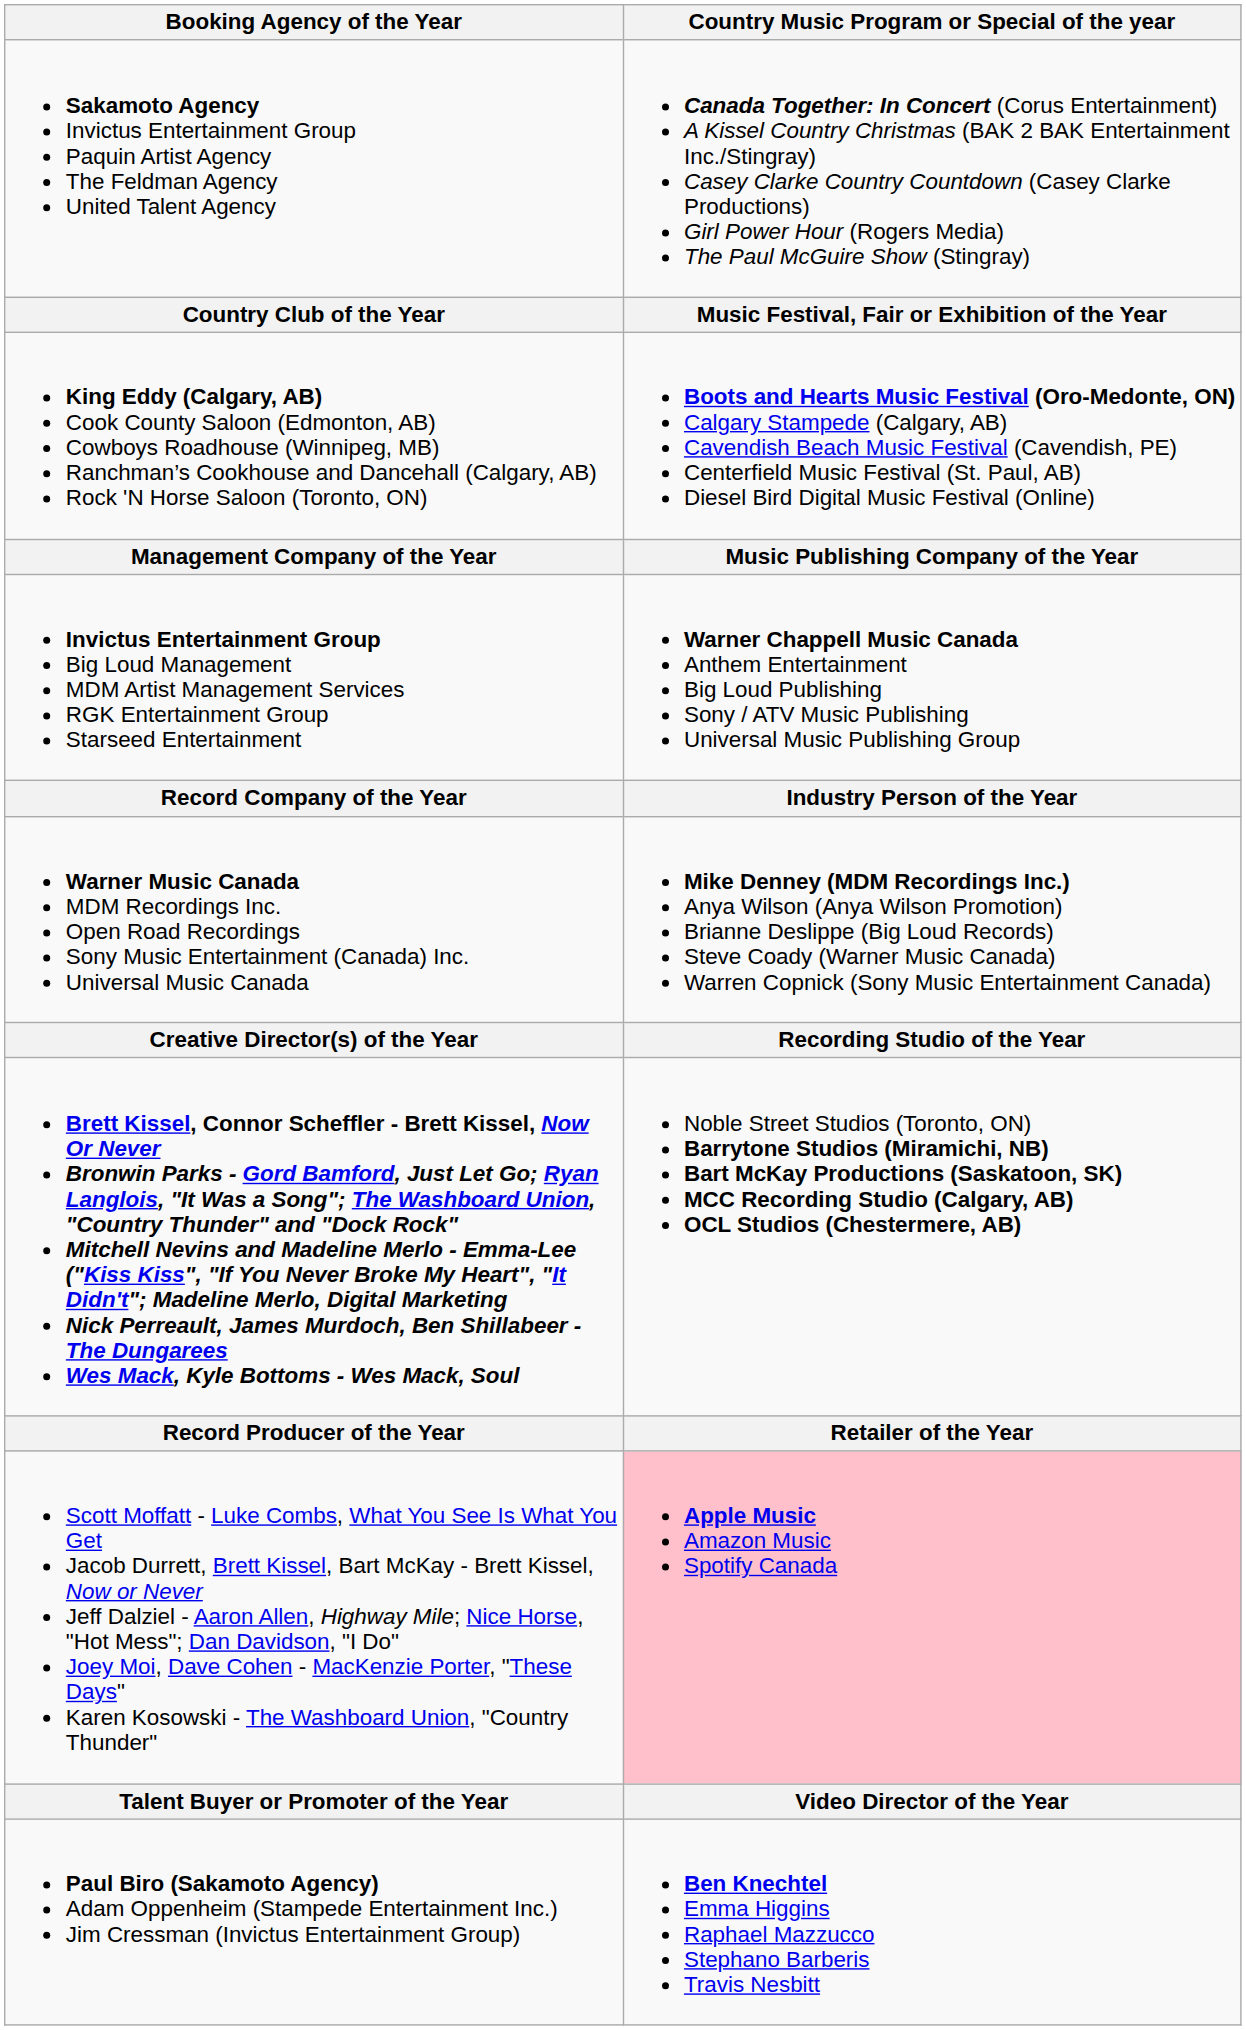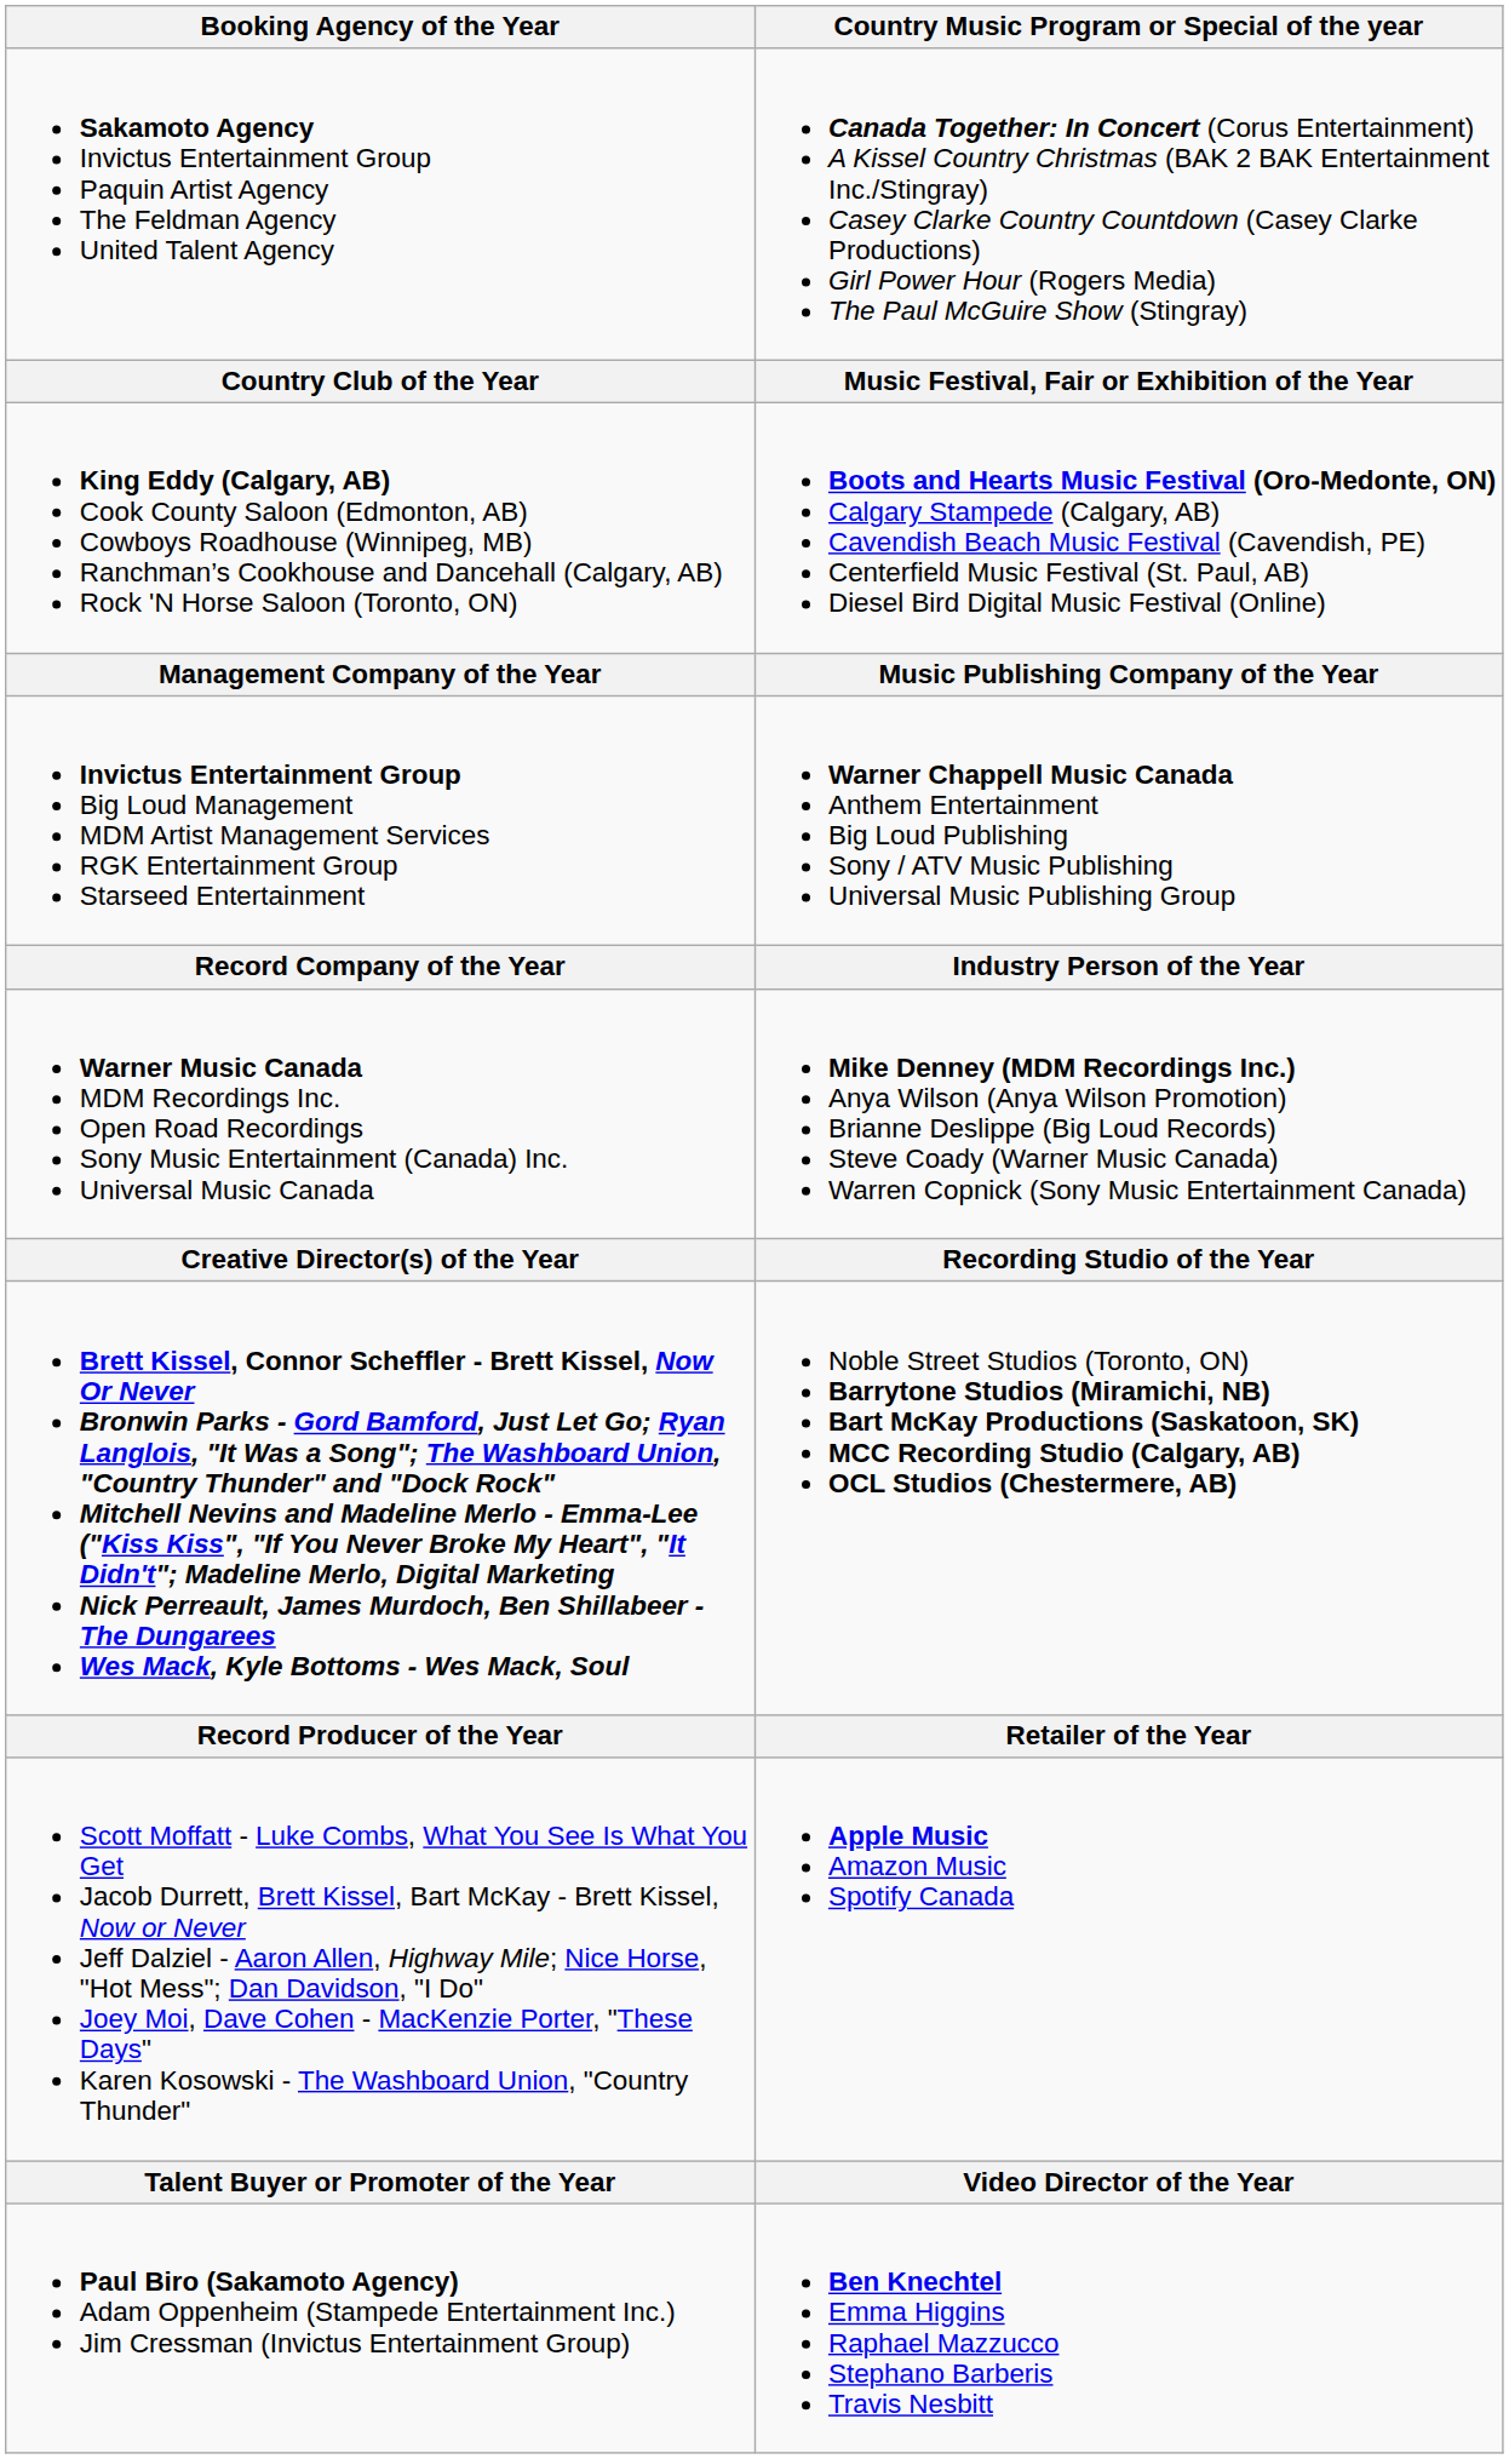 <table class="wikitable" style="width:100%">
 <tr>
 <th style="width:50%">Booking Agency of the Year</th>
 <th style="width:50%">Country Music Program or Special of the year</th>
 </tr>
 <tr>
 <td valign="top"><br><ul><li> <strong>Sakamoto Agency</strong></li><li>Invictus Entertainment Group</li><li>Paquin Artist Agency</li><li>The Feldman Agency</li><li>United Talent Agency</li></ul></td>
 <td valign="top"><br><ul><li> <strong><em>Canada Together: In Concert</em></strong> (Corus Entertainment)</li><li><em>A Kissel Country Christmas</em> (BAK 2 BAK Entertainment Inc./Stingray)</li><li><em>Casey Clarke Country Countdown</em> (Casey Clarke Productions)</li><li><em>Girl Power Hour</em> (Rogers Media)</li><li><em>The Paul McGuire Show</em> (Stingray)</li></ul></td>
 </tr>
 <tr>
 <th style="width:50%">Country Club of the Year</th>
 <th style="width:50%">Music Festival, Fair or Exhibition of the Year</th>
 </tr>
 <tr>
 <td valign="top"><br><ul><li> <strong>King Eddy (Calgary, AB)</strong></li><li>Cook County Saloon (Edmonton, AB)</li><li>Cowboys Roadhouse (Winnipeg, MB)</li><li>Ranchman’s Cookhouse and Dancehall (Calgary, AB)</li><li>Rock 'N Horse Saloon (Toronto, ON)</li></ul></td>
 <td valign="top"><br><ul><li> <strong><a href='#'>Boots and Hearts Music Festival</a> (Oro-Medonte, ON)</strong></li><li><a href='#'>Calgary Stampede</a> (Calgary, AB)</li><li><a href='#'>Cavendish Beach Music Festival</a> (Cavendish, PE)</li><li>Centerfield Music Festival (St. Paul, AB)</li><li>Diesel Bird Digital Music Festival (Online)</li></ul></td>
 </tr>
 <tr>
 <th style="width:50%">Management Company of the Year</th>
 <th style="width:50%">Music Publishing Company of the Year</th>
 </tr>
 <tr>
 <td valign="top"><br><ul><li> <strong>Invictus Entertainment Group</strong></li><li>Big Loud Management</li><li>MDM Artist Management Services</li><li>RGK Entertainment Group</li><li>Starseed Entertainment</li></ul></td>
 <td valign="top"><br><ul><li> <strong>Warner Chappell Music Canada</strong></li><li>Anthem Entertainment</li><li>Big Loud Publishing</li><li>Sony / ATV Music Publishing</li><li>Universal Music Publishing Group</li></ul></td>
 </tr>
 <tr>
 <th style="width:50%">Record Company of the Year</th>
 <th style="width:50%">Industry Person of the Year</th>
 </tr>
 <tr>
 <td valign="top"><br><ul><li> <strong>Warner Music Canada</strong></li><li>MDM Recordings Inc.</li><li>Open Road Recordings</li><li>Sony Music Entertainment (Canada) Inc.</li><li>Universal Music Canada</li></ul></td>
 <td valign="top"><br><ul><li> <strong>Mike Denney (MDM Recordings Inc.)</strong></li><li>Anya Wilson (Anya Wilson Promotion)</li><li>Brianne Deslippe (Big Loud Records)</li><li>Steve Coady (Warner Music Canada)</li><li>Warren Copnick (Sony Music Entertainment Canada)</li></ul></td>
 </tr>
 <tr>
 <th style="width:50%">Creative Director(s) of the Year</th>
 <th style="width:50%">Recording Studio of the Year</th>
 </tr>
 <tr>
 <td valign="top"><br><ul><li> <strong><a href='#'>Brett Kissel</a>, Connor Scheffler - Brett Kissel, <em><a href='#'>Now Or Never</a><strong><em></li><li>Bronwin Parks - <a href='#'>Gord Bamford</a>, </em>Just Let Go<em>; <a href='#'>Ryan Langlois</a>, "It Was a Song"; <a href='#'>The Washboard Union</a>, "Country Thunder" and "Dock Rock"</li><li>Mitchell Nevins and Madeline Merlo - Emma-Lee ("<a href='#'>Kiss Kiss</a>", "If You Never Broke My Heart", "<a href='#'>It Didn't</a>"; Madeline Merlo, Digital Marketing</li><li>Nick Perreault, James Murdoch, Ben Shillabeer - <a href='#'>The Dungarees</a></li><li><a href='#'>Wes Mack</a>, Kyle Bottoms - Wes Mack, </em>Soul<em></li></ul></td>
 <td valign="top"><br><ul><li> </strong>Noble Street Studios (Toronto, ON)<strong></li><li>Barrytone Studios (Miramichi, NB)</li><li>Bart McKay Productions (Saskatoon, SK)</li><li>MCC Recording Studio (Calgary, AB)</li><li>OCL Studios (Chestermere, AB)</li></ul></td>
 </tr>
 <tr>
 <th style="width:50%">Record Producer of the Year</th>
 <th style="width:50%">Retailer of the Year</th>
 </tr>
 <tr>
 <td valign="top"><br><ul><li> </strong><a href='#'>Scott Moffatt</a> - <a href='#'>Luke Combs</a>, </em><a href='#'>What You See Is What You Get</a></em></strong></li><li>Jacob Durrett, <a href='#'>Brett Kissel</a>, Bart McKay - Brett Kissel, <em><a href='#'>Now or Never</a></em></li><li>Jeff Dalziel - <a href='#'>Aaron Allen</a>, <em>Highway Mile</em>; <a href='#'>Nice Horse</a>, "Hot Mess"; <a href='#'>Dan Davidson</a>, "I Do"</li><li><a href='#'>Joey Moi</a>, <a href='#'>Dave Cohen</a> - <a href='#'>MacKenzie Porter</a>, "<a href='#'>These Days</a>"</li><li>Karen Kosowski - <a href='#'>The Washboard Union</a>, "Country Thunder"</li></ul></td>
-<td valign="top" style="background: pink;"><br><ul><li> <strong><a href='#'>Apple Music</a></strong></li><li><a href='#'>Amazon Music</a></li><li><a href='#'>Spotify Canada</a></li></ul></td>
+<td valign="top"><br><ul><li> <strong><a href='#'>Apple Music</a></strong></li><li><a href='#'>Amazon Music</a></li><li><a href='#'>Spotify Canada</a></li></ul></td>
 </tr>
 <tr>
 <th style="width:50%">Talent Buyer or Promoter of the Year</th>
 <th style="width:50%">Video Director of the Year</th>
 </tr>
 <tr>
 <td valign="top"><br><ul><li> <strong>Paul Biro (Sakamoto Agency)</strong></li><li>Adam Oppenheim (Stampede Entertainment Inc.)</li><li>Jim Cressman (Invictus Entertainment Group)</li></ul></td>
 <td valign="top"><br><ul><li> <strong><a href='#'>Ben Knechtel</a></strong></li><li><a href='#'>Emma Higgins</a></li><li><a href='#'>Raphael Mazzucco</a></li><li><a href='#'>Stephano Barberis</a></li><li><a href='#'>Travis Nesbitt</a></li></ul></td>
 </tr>
 </table>
